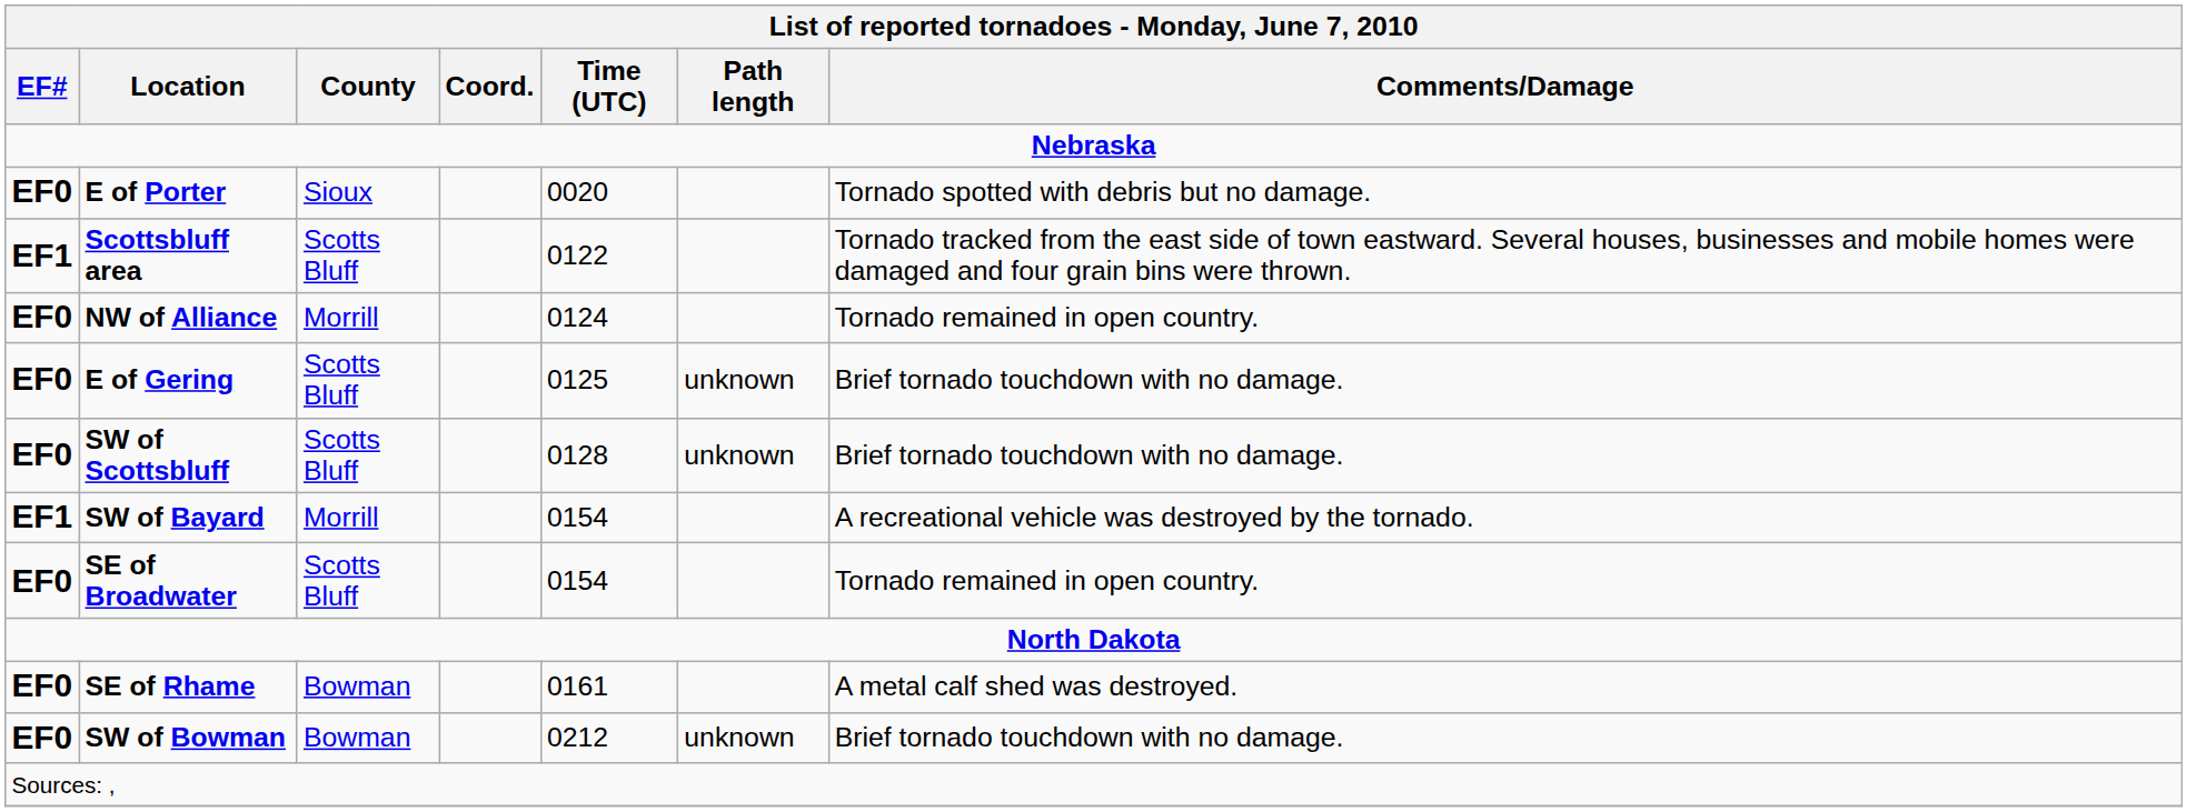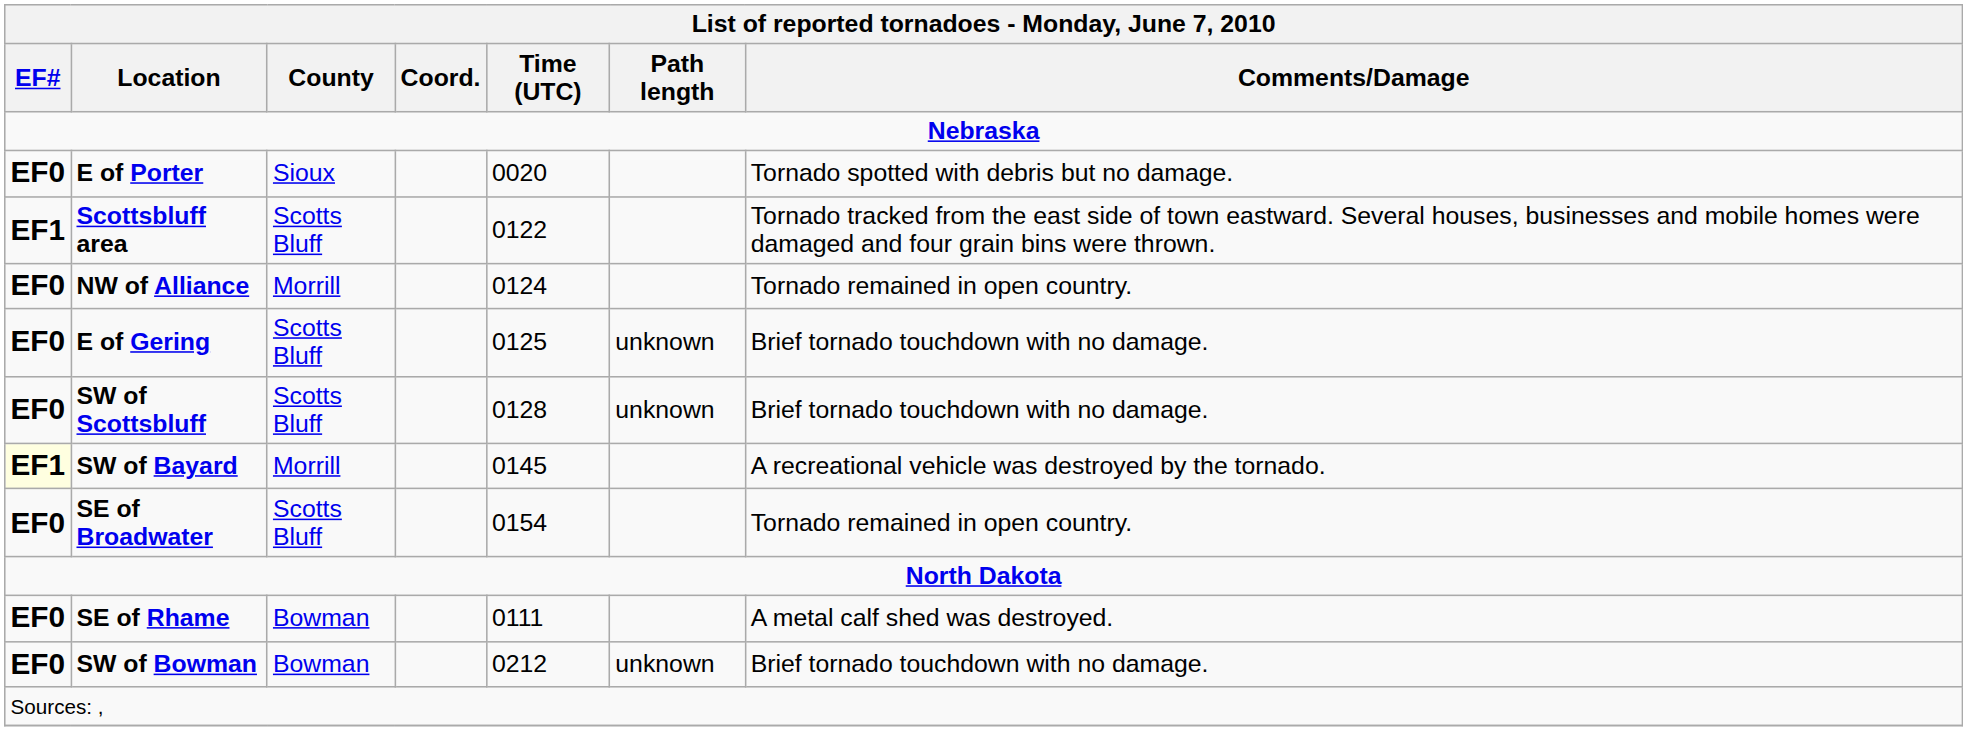 <table class="wikitable collapsible" width="100%">
 <tr>
 <th colspan="7">List of reported tornadoes - Monday, June 7, 2010</th>
 </tr>
 <tr>
 <th><a href='#'>EF#</a></th>
 <th>Location</th>
 <th>County</th>
 <th>Coord.</th>
 <th>Time (UTC)</th>
 <th>Path length</th>
 <th>Comments/Damage</th>
 </tr>
 <tr>
 <td colspan="7" align=center><strong><a href='#'>Nebraska</a></strong></td>
 </tr>
 <tr>
 <td><big><strong>EF0</strong></big></td>
 <td><strong>E of <a href='#'>Porter</a></strong></td>
 <td><a href='#'>Sioux</a></td>
 <td></td>
 <td>0020</td>
 <td></td>
 <td>Tornado spotted with debris but no damage.</td>
 </tr>
 <tr>
 <td><big><strong>EF1</strong></big></td>
 <td><strong><a href='#'>Scottsbluff</a> area</strong></td>
 <td><a href='#'>Scotts Bluff</a></td>
 <td></td>
 <td>0122</td>
 <td></td>
 <td>Tornado tracked from the east side of town eastward. Several houses, businesses and mobile homes were damaged and four grain bins were thrown.</td>
 </tr>
 <tr>
 <td><big><strong>EF0</strong></big></td>
 <td><strong>NW of <a href='#'>Alliance</a></strong></td>
 <td><a href='#'>Morrill</a></td>
 <td></td>
 <td>0124</td>
 <td></td>
 <td>Tornado remained in open country.</td>
 </tr>
 <tr>
 <td><big><strong>EF0</strong></big></td>
 <td><strong>E of <a href='#'>Gering</a></strong></td>
 <td><a href='#'>Scotts Bluff</a></td>
 <td></td>
 <td>0125</td>
 <td>unknown</td>
 <td>Brief tornado touchdown with no damage.</td>
 </tr>
 <tr>
 <td><big><strong>EF0</strong></big></td>
 <td><strong>SW of <a href='#'>Scottsbluff</a></strong></td>
 <td><a href='#'>Scotts Bluff</a></td>
 <td></td>
 <td>0128</td>
 <td>unknown</td>
 <td>Brief tornado touchdown with no damage.</td>
 </tr>
 <tr>
-<td><big><strong>EF1</strong></big></td>
+<td style="background: lightyellow;"><big><strong>EF1</strong></big></td>
 <td><strong>SW of <a href='#'>Bayard</a></strong></td>
 <td><a href='#'>Morrill</a></td>
 <td></td>
-<td>0154</td>
+<td>0145</td>
 <td></td>
 <td>A recreational vehicle was destroyed by the tornado.</td>
 </tr>
 <tr>
 <td><big><strong>EF0</strong></big></td>
 <td><strong>SE of <a href='#'>Broadwater</a></strong></td>
 <td><a href='#'>Scotts Bluff</a></td>
 <td></td>
 <td>0154</td>
 <td></td>
 <td>Tornado remained in open country.</td>
 </tr>
 <tr>
 <td colspan="7" align=center><strong><a href='#'>North Dakota</a></strong></td>
 </tr>
 <tr>
 <td><big><strong>EF0</strong></big></td>
 <td><strong>SE of <a href='#'>Rhame</a></strong></td>
 <td><a href='#'>Bowman</a></td>
 <td></td>
-<td>0161</td>
+<td>0111</td>
 <td></td>
 <td>A metal calf shed was destroyed.</td>
 </tr>
 <tr>
 <td><big><strong>EF0</strong></big></td>
 <td><strong>SW of <a href='#'>Bowman</a></strong></td>
 <td><a href='#'>Bowman</a></td>
 <td></td>
 <td>0212</td>
 <td>unknown</td>
 <td>Brief tornado touchdown with no damage.</td>
 </tr>
 <tr>
 <td colspan="7"><small>Sources: , </small></td>
 </tr>
 <tr>
 </tr>
 </table>
